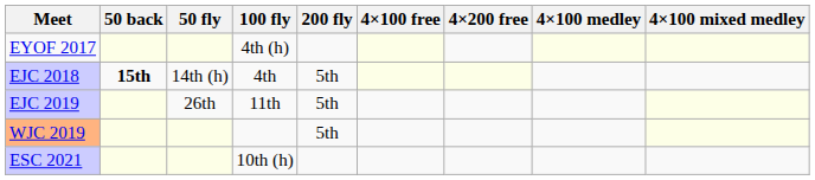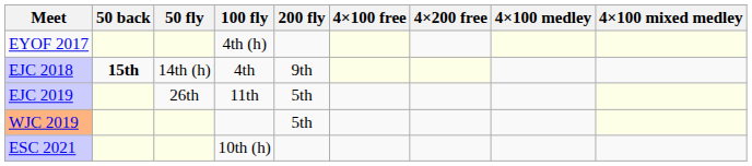 <table class="sortable wikitable">
 <tr>
 <th>Meet</th>
 <th class="unsortable">50 back</th>
 <th class="unsortable">50 fly</th>
 <th class="unsortable">100 fly</th>
 <th class="unsortable">200 fly</th>
 <th class="unsortable">4×100 free</th>
 <th class="unsortable">4×200 free</th>
 <th class="unsortable">4×100 medley</th>
 <th class="unsortable">4×100 mixed medley</th>
 </tr>
 <tr>
 <td><a href='#'>EYOF 2017</a></td>
 <td style="background:#fdffe7"></td>
 <td style="background:#fdffe7"></td>
 <td align="center">4th (h)</td>
 <td align="center"></td>
 <td style="background:#fdffe7"></td>
 <td></td>
 <td style="background:#fdffe7"></td>
 <td style="background:#fdffe7"></td>
 </tr>
 <tr>
 <td style="background:#ccccff"><a href='#'>EJC 2018</a></td>
 <td align="center"><strong>15th</strong></td>
 <td align="center">14th (h)</td>
 <td align="center">4th</td>
-<td align="center">5th</td>
+<td align="center">9th</td>
 <td style="background:#fdffe7"></td>
 <td style="background:#fdffe7"></td>
 <td align="center"></td>
 <td align="center"></td>
 </tr>
 <tr>
 <td style="background:#ccccff"><a href='#'>EJC 2019</a></td>
 <td style="background:#fdffe7"></td>
 <td align="center">26th</td>
 <td align="center">11th</td>
 <td align="center">5th</td>
 <td align="center"></td>
 <td align="center"></td>
 <td align="center"></td>
 <td style="background:#fdffe7"></td>
 </tr>
 <tr>
 <td style="background:#ffb380"><a href='#'>WJC 2019</a></td>
 <td style="background:#fdffe7"></td>
 <td style="background:#fdffe7"></td>
 <td align="center"></td>
 <td align="center">5th</td>
 <td align="center"></td>
 <td align="center"></td>
 <td align="center"></td>
 <td style="background:#fdffe7"></td>
 </tr>
 <tr>
 <td style="background:#ccccff"><a href='#'>ESC 2021</a></td>
 <td style="background:#fdffe7"></td>
 <td style="background:#fdffe7"></td>
 <td align="center">10th (h)</td>
 <td align="center"></td>
 <td></td>
 <td></td>
 <td></td>
 <td></td>
 </tr>
 </table>
